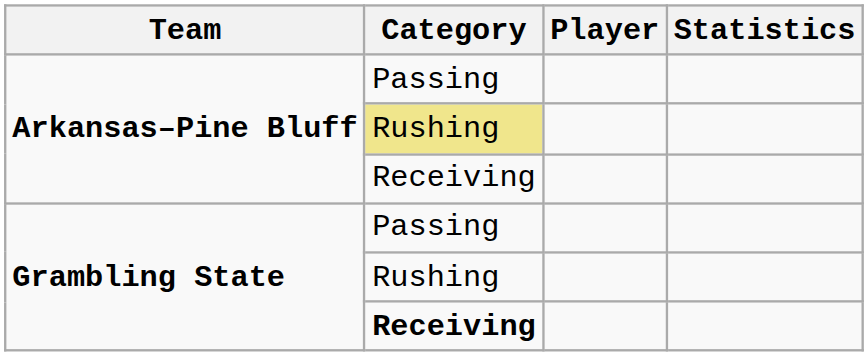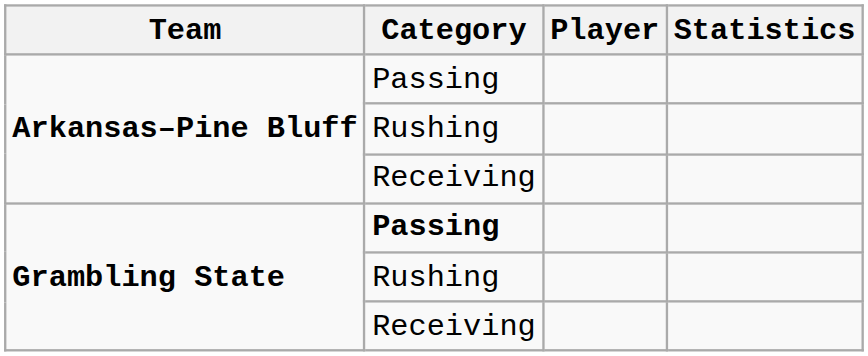 <table class="wikitable" style="float: right;">
 <tr>
 <th>Team</th>
 <th>Category</th>
 <th>Player</th>
 <th>Statistics</th>
 </tr>
 <tr>
 <td rowspan=3><strong>Arkansas–Pine Bluff</strong></td>
 <td>Passing</td>
 <td></td>
 <td></td>
 </tr>
 <tr>
-<td style="background: khaki;">Rushing</td>
+<td>Rushing</td>
 <td></td>
 <td></td>
 </tr>
 <tr>
 <td>Receiving</td>
 <td></td>
 <td></td>
 </tr>
 <tr>
 <td rowspan=3><strong>Grambling State</strong></td>
-<td>Passing</td>
+<td><strong>Passing</strong></td>
 <td></td>
 <td></td>
 </tr>
 <tr>
 <td>Rushing</td>
 <td></td>
 <td></td>
 </tr>
 <tr>
-<td><strong>Receiving</strong></td>
+<td>Receiving</td>
 <td></td>
 <td></td>
 </tr>
 </table>
